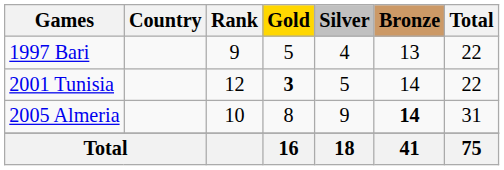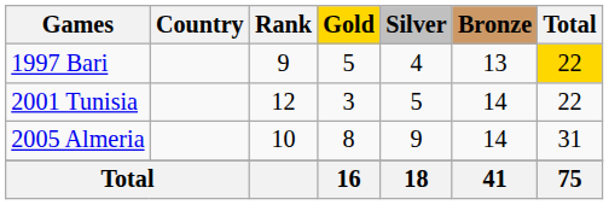 <table class="wikitable">
 <tr>
 <th>Games</th>
 <th>Country</th>
 <th>Rank</th>
 <td bgcolor="gold"><strong>Gold</strong></td>
 <td bgcolor="silver"><strong>Silver</strong></td>
 <td bgcolor="cc9966"><strong>Bronze</strong></td>
 <th>Total</th>
 </tr>
 <tr align=center>
 <td align=left><a href='#'>1997 Bari</a></td>
 <td align=left></td>
 <td>9</td>
 <td>5</td>
 <td>4</td>
 <td>13</td>
-<td>22</td>
+<td style="background: gold;">22</td>
 </tr>
 <tr align=center>
 <td align=left><a href='#'>2001 Tunisia</a></td>
 <td align=left></td>
 <td>12</td>
-<td><strong>3</strong></td>
+<td>3</td>
 <td>5</td>
 <td>14</td>
 <td>22</td>
 </tr>
 <tr align=center>
 <td align=left><a href='#'>2005 Almeria</a></td>
 <td align=left></td>
 <td>10</td>
 <td>8</td>
 <td>9</td>
-<td><strong>14</strong></td>
+<td>14</td>
 <td>31</td>
 </tr>
 <tr>
 </tr>
 <tr style="width:4em;">
 <th colspan=2>Total</th>
 <th></th>
 <th>16</th>
 <th>18</th>
 <th>41</th>
 <th>75</th>
 </tr>
 </table>
